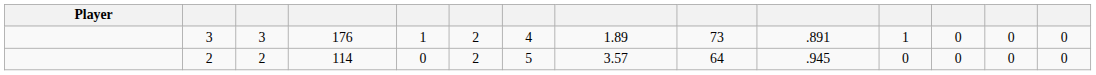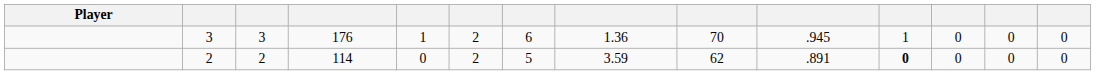 <table class="wikitable sortable" style="width:100%;">
 <tr style="text-align:center; background:#ddd;">
 <th>Player</th>
 <th></th>
 <th></th>
 <th></th>
 <th></th>
 <th></th>
 <th></th>
 <th></th>
 <th></th>
 <th></th>
 <th></th>
 <th></th>
 <th></th>
 <th></th>
 </tr>
 <tr align=center>
 <td></td>
 <td>3</td>
 <td>3</td>
 <td>176</td>
 <td>1</td>
 <td>2</td>
-<td>4</td>
-<td>1.89</td>
-<td>73</td>
-<td>.891</td>
+<td>6</td>
+<td>1.36</td>
+<td>70</td>
+<td>.945</td>
 <td>1</td>
 <td>0</td>
 <td>0</td>
 <td>0</td>
 </tr>
 <tr align=center>
 <td></td>
 <td>2</td>
 <td>2</td>
 <td>114</td>
 <td>0</td>
 <td>2</td>
 <td>5</td>
-<td>3.57</td>
-<td>64</td>
-<td>.945</td>
-<td>0</td>
+<td>3.59</td>
+<td>62</td>
+<td>.891</td>
+<td><strong>0</strong></td>
 <td>0</td>
 <td>0</td>
 <td>0</td>
 </tr>
 </table>
